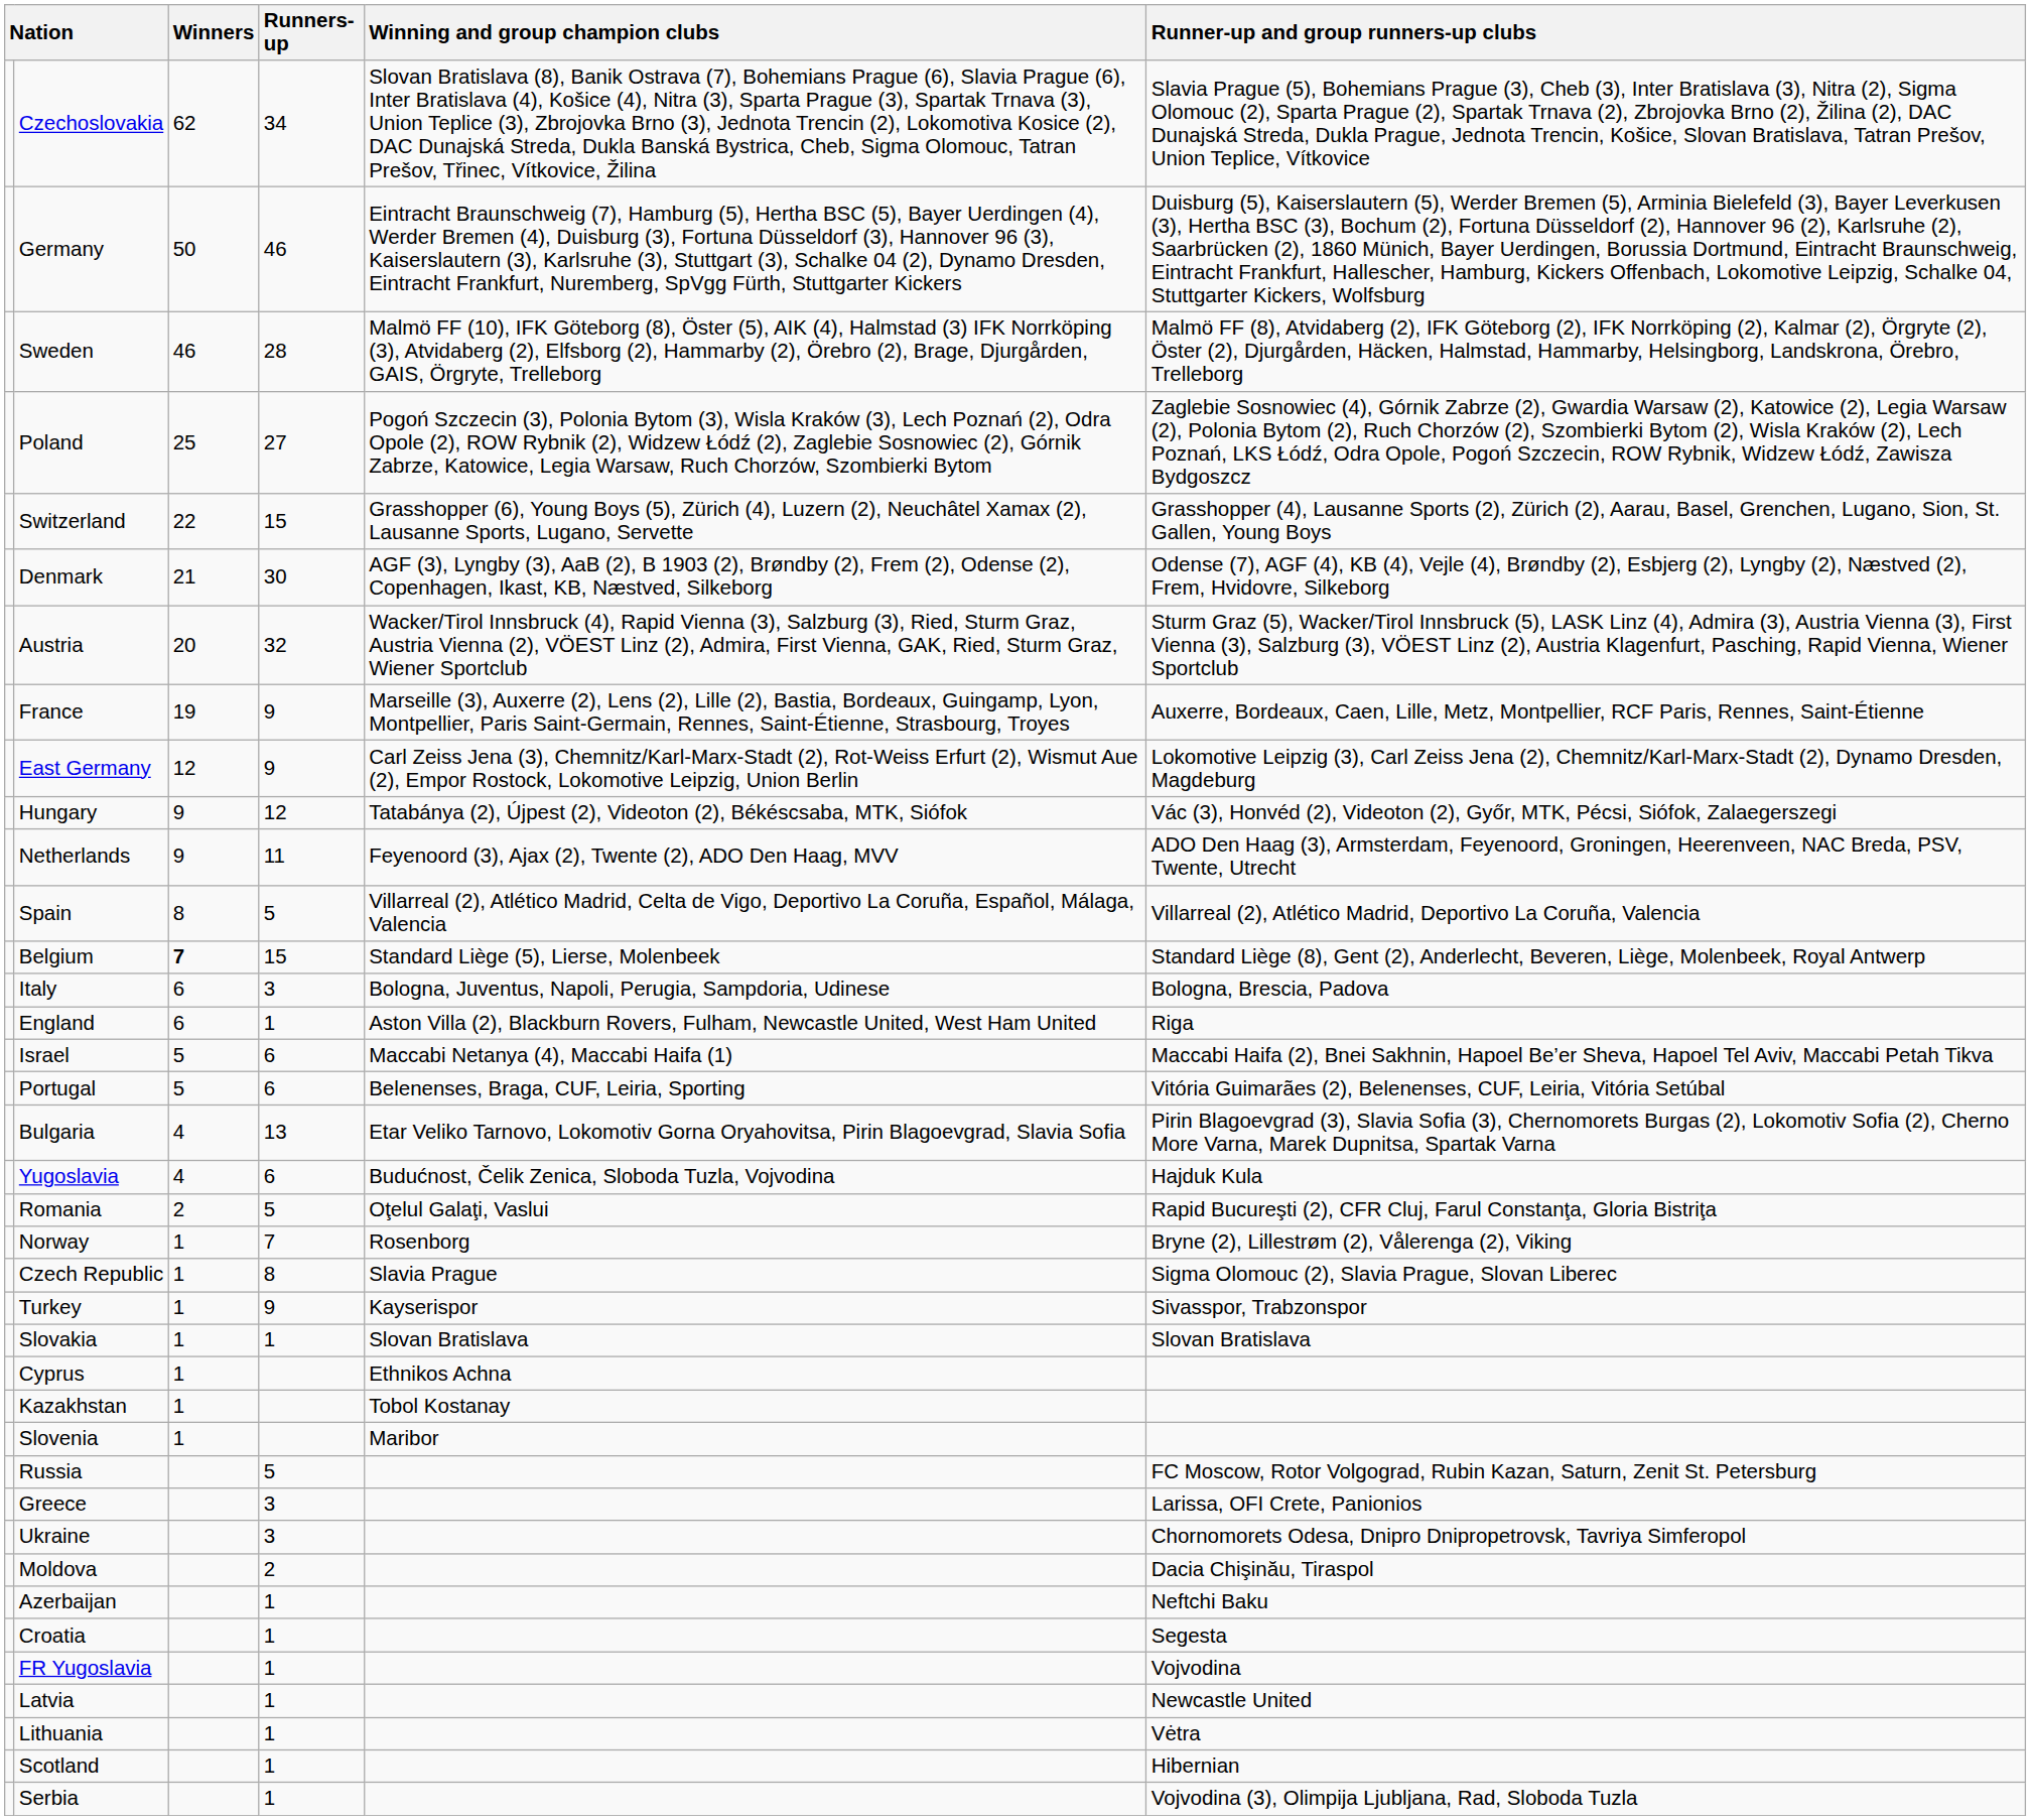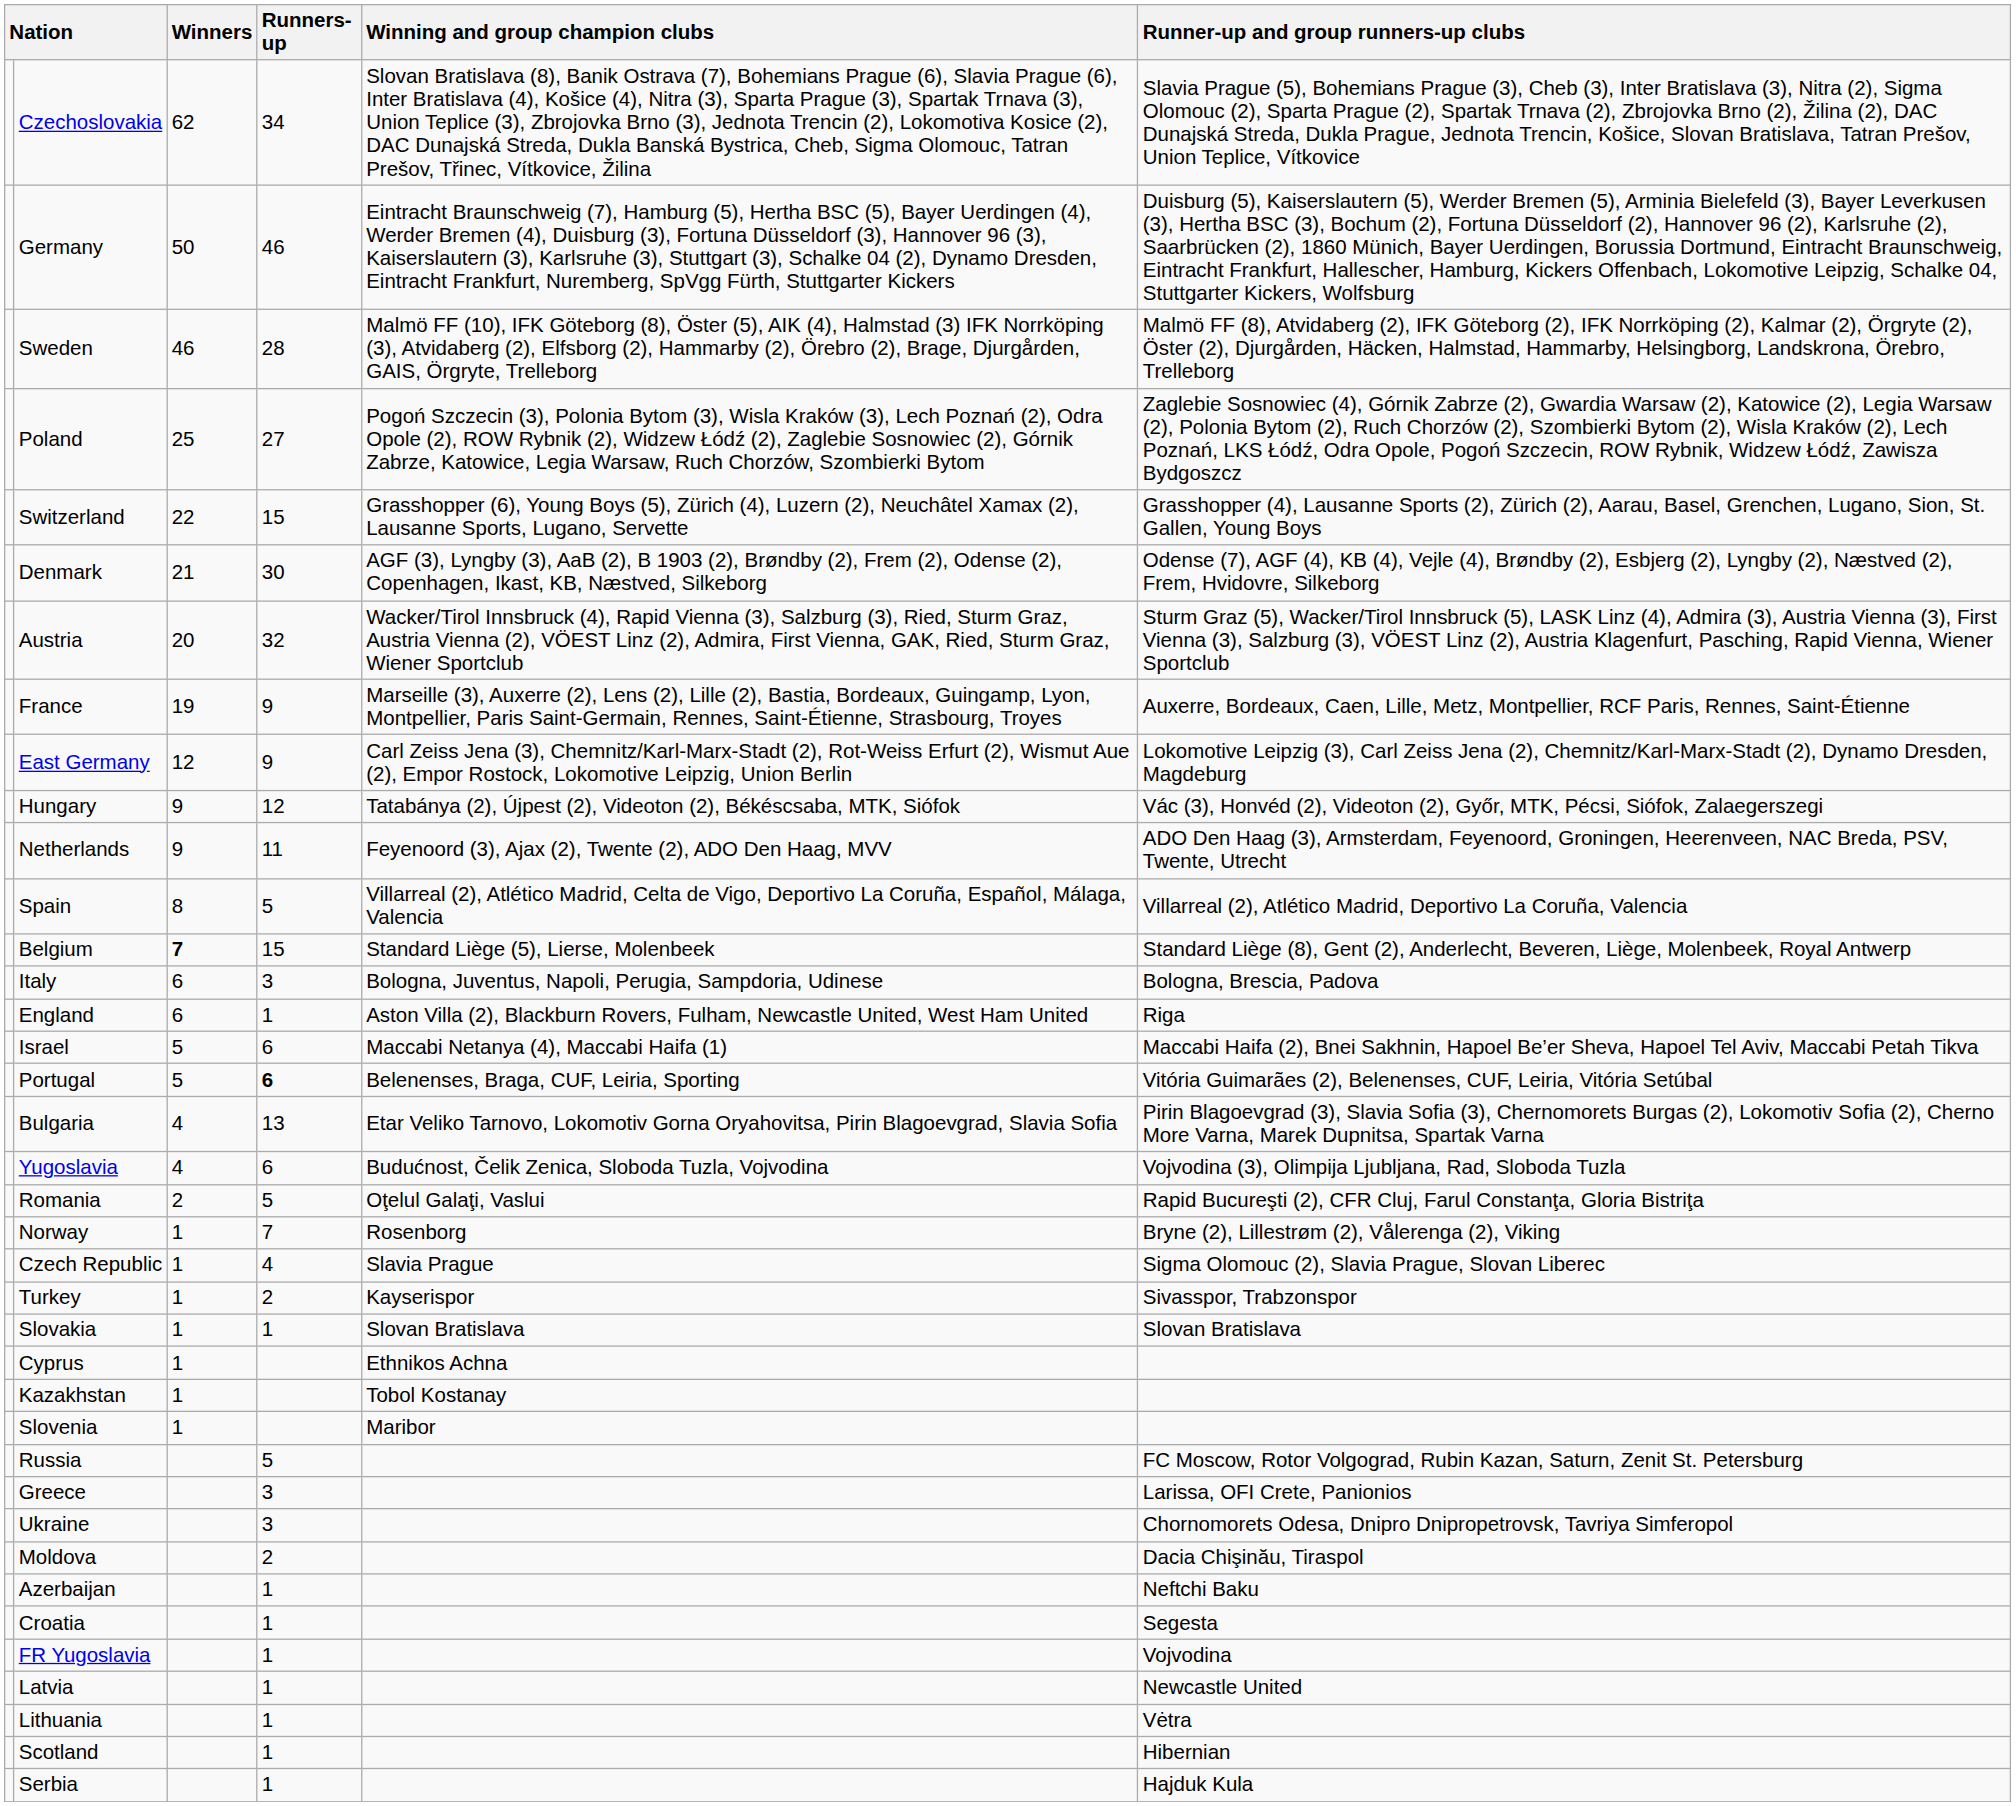 <table class="wikitable">
 <tr>
 <th style="text-align:left" Colspan=2>Nation</th>
 <th style="text-align:left">Winners</th>
 <th style="text-align:left">Runners-up</th>
 <th style="text-align:left">Winning and group champion clubs</th>
 <th style="text-align:left">Runner-up and group runners-up clubs</th>
 </tr>
 <tr style="vertical-align:center">
 <td></td>
 <td><a href='#'>Czechoslovakia</a></td>
 <td>62</td>
 <td>34</td>
 <td>Slovan Bratislava (8), Banik Ostrava (7), Bohemians Prague (6), Slavia Prague (6), Inter Bratislava (4), Košice (4), Nitra (3), Sparta Prague (3), Spartak Trnava (3), Union Teplice (3), Zbrojovka Brno (3), Jednota Trencin (2), Lokomotiva Kosice (2), DAC Dunajská Streda, Dukla Banská Bystrica, Cheb, Sigma Olomouc, Tatran Prešov, Třinec, Vítkovice, Žilina</td>
 <td>Slavia Prague (5), Bohemians Prague (3), Cheb (3), Inter Bratislava (3), Nitra (2), Sigma Olomouc (2), Sparta Prague (2), Spartak Trnava (2), Zbrojovka Brno (2), Žilina (2), DAC Dunajská Streda, Dukla Prague, Jednota Trencin, Košice, Slovan Bratislava, Tatran Prešov, Union Teplice, Vítkovice</td>
 </tr>
 <tr style="vertical-align:center">
 <td></td>
 <td>Germany</td>
 <td>50</td>
 <td>46</td>
 <td>Eintracht Braunschweig (7), Hamburg (5), Hertha BSC (5), Bayer Uerdingen (4), Werder Bremen (4), Duisburg (3), Fortuna Düsseldorf (3), Hannover 96 (3), Kaiserslautern (3), Karlsruhe (3), Stuttgart (3), Schalke 04 (2), Dynamo Dresden, Eintracht Frankfurt, Nuremberg, SpVgg Fürth, Stuttgarter Kickers</td>
 <td>Duisburg (5), Kaiserslautern (5), Werder Bremen (5), Arminia Bielefeld (3), Bayer Leverkusen (3), Hertha BSC (3), Bochum (2), Fortuna Düsseldorf (2), Hannover 96 (2), Karlsruhe (2), Saarbrücken (2), 1860 Münich, Bayer Uerdingen, Borussia Dortmund, Eintracht Braunschweig, Eintracht Frankfurt, Hallescher, Hamburg, Kickers Offenbach, Lokomotive Leipzig, Schalke 04, Stuttgarter Kickers, Wolfsburg</td>
 </tr>
 <tr style="vertical-align:top}">
 <td></td>
 <td>Sweden</td>
 <td>46</td>
 <td>28</td>
 <td>Malmö FF (10), IFK Göteborg (8), Öster (5), AIK (4), Halmstad (3) IFK Norrköping (3), Atvidaberg (2), Elfsborg (2), Hammarby (2), Örebro (2), Brage, Djurgården, GAIS, Örgryte, Trelleborg</td>
 <td>Malmö FF (8), Atvidaberg (2), IFK Göteborg (2), IFK Norrköping (2), Kalmar (2), Örgryte (2), Öster (2), Djurgården, Häcken, Halmstad, Hammarby, Helsingborg, Landskrona, Örebro, Trelleborg</td>
 </tr>
 <tr style="vertical-align:center">
 <td></td>
 <td>Poland</td>
 <td>25</td>
 <td>27</td>
 <td>Pogoń Szczecin (3), Polonia Bytom (3), Wisla Kraków (3), Lech Poznań (2), Odra Opole (2), ROW Rybnik (2), Widzew Łódź (2), Zaglebie Sosnowiec (2), Górnik Zabrze, Katowice, Legia Warsaw, Ruch Chorzów, Szombierki Bytom</td>
 <td>Zaglebie Sosnowiec (4), Górnik Zabrze (2), Gwardia Warsaw (2), Katowice (2), Legia Warsaw (2), Polonia Bytom (2), Ruch Chorzów (2), Szombierki Bytom (2), Wisla Kraków (2), Lech Poznań, LKS Łódź, Odra Opole, Pogoń Szczecin, ROW Rybnik, Widzew Łódź, Zawisza Bydgoszcz</td>
 </tr>
 <tr>
 <td></td>
 <td>Switzerland</td>
 <td>22</td>
 <td>15</td>
 <td>Grasshopper (6), Young Boys (5), Zürich (4), Luzern (2), Neuchâtel Xamax (2), Lausanne Sports, Lugano, Servette</td>
 <td>Grasshopper (4), Lausanne Sports (2), Zürich (2), Aarau, Basel, Grenchen, Lugano, Sion, St. Gallen, Young Boys</td>
 </tr>
 <tr>
 <td></td>
 <td>Denmark</td>
 <td>21</td>
 <td>30</td>
 <td>AGF (3), Lyngby (3), AaB (2), B 1903 (2), Brøndby (2), Frem (2), Odense (2), Copenhagen, Ikast, KB, Næstved, Silkeborg</td>
 <td>Odense (7), AGF (4), KB (4), Vejle (4), Brøndby (2), Esbjerg (2), Lyngby (2), Næstved (2), Frem, Hvidovre, Silkeborg</td>
 </tr>
 <tr>
 <td></td>
 <td>Austria</td>
 <td>20</td>
 <td>32</td>
 <td>Wacker/Tirol Innsbruck (4), Rapid Vienna (3), Salzburg (3), Ried, Sturm Graz, Austria Vienna (2), VÖEST Linz (2), Admira, First Vienna, GAK, Ried, Sturm Graz, Wiener Sportclub</td>
 <td>Sturm Graz (5), Wacker/Tirol Innsbruck (5), LASK Linz (4), Admira (3), Austria Vienna (3), First Vienna (3), Salzburg (3), VÖEST Linz (2), Austria Klagenfurt, Pasching, Rapid Vienna, Wiener Sportclub</td>
 </tr>
 <tr>
 <td></td>
 <td>France</td>
 <td>19</td>
 <td>9</td>
 <td>Marseille (3), Auxerre (2), Lens (2), Lille (2), Bastia, Bordeaux, Guingamp, Lyon, Montpellier, Paris Saint-Germain, Rennes, Saint-Étienne, Strasbourg, Troyes</td>
 <td>Auxerre, Bordeaux, Caen, Lille, Metz, Montpellier, RCF Paris, Rennes, Saint-Étienne</td>
 </tr>
 <tr>
 <td></td>
 <td><a href='#'>East Germany</a></td>
 <td>12</td>
 <td>9</td>
 <td>Carl Zeiss Jena (3), Chemnitz/Karl-Marx-Stadt (2), Rot-Weiss Erfurt (2), Wismut Aue (2), Empor Rostock, Lokomotive Leipzig, Union Berlin</td>
 <td>Lokomotive Leipzig (3), Carl Zeiss Jena (2), Chemnitz/Karl-Marx-Stadt (2), Dynamo Dresden, Magdeburg</td>
 </tr>
 <tr>
 <td></td>
 <td>Hungary</td>
 <td>9</td>
 <td>12</td>
 <td>Tatabánya (2), Újpest (2), Videoton (2), Békéscsaba, MTK, Siófok</td>
 <td>Vác (3), Honvéd (2), Videoton (2), Győr, MTK, Pécsi, Siófok, Zalaegerszegi</td>
 </tr>
 <tr>
 <td></td>
 <td>Netherlands</td>
 <td>9</td>
 <td>11</td>
 <td>Feyenoord (3), Ajax (2), Twente (2), ADO Den Haag, MVV</td>
 <td>ADO Den Haag (3), Armsterdam, Feyenoord, Groningen, Heerenveen, NAC Breda, PSV, Twente, Utrecht</td>
 </tr>
 <tr>
 <td></td>
 <td>Spain</td>
 <td>8</td>
 <td>5</td>
 <td>Villarreal (2), Atlético Madrid, Celta de Vigo, Deportivo La Coruña, Español, Málaga, Valencia</td>
 <td>Villarreal (2), Atlético Madrid, Deportivo La Coruña, Valencia</td>
 </tr>
 <tr>
 <td></td>
 <td>Belgium</td>
 <td><strong>7</strong></td>
 <td>15</td>
 <td>Standard Liège (5), Lierse, Molenbeek</td>
 <td>Standard Liège (8), Gent (2), Anderlecht, Beveren, Liège, Molenbeek, Royal Antwerp</td>
 </tr>
 <tr>
 <td></td>
 <td>Italy</td>
 <td>6</td>
 <td>3</td>
 <td>Bologna, Juventus, Napoli, Perugia, Sampdoria, Udinese</td>
 <td>Bologna, Brescia, Padova</td>
 </tr>
 <tr>
 <td></td>
 <td>England</td>
 <td>6</td>
 <td>1</td>
 <td>Aston Villa (2), Blackburn Rovers, Fulham, Newcastle United, West Ham United</td>
 <td>Riga</td>
 </tr>
 <tr>
 <td></td>
 <td>Israel</td>
 <td>5</td>
 <td>6</td>
 <td>Maccabi Netanya (4), Maccabi Haifa (1)</td>
 <td>Maccabi Haifa (2), Bnei Sakhnin, Hapoel Be’er Sheva, Hapoel Tel Aviv, Maccabi Petah Tikva</td>
 </tr>
 <tr>
 <td></td>
 <td>Portugal</td>
 <td>5</td>
-<td>6</td>
+<td><strong>6</strong></td>
 <td>Belenenses, Braga, CUF, Leiria, Sporting</td>
 <td>Vitória Guimarães (2), Belenenses, CUF, Leiria, Vitória Setúbal</td>
 </tr>
 <tr>
 <td></td>
 <td>Bulgaria</td>
 <td>4</td>
 <td>13</td>
 <td>Etar Veliko Tarnovo, Lokomotiv Gorna Oryahovitsa, Pirin Blagoevgrad, Slavia Sofia</td>
 <td>Pirin Blagoevgrad (3), Slavia Sofia (3), Chernomorets Burgas (2), Lokomotiv Sofia (2), Cherno More Varna, Marek Dupnitsa, Spartak Varna</td>
 </tr>
 <tr>
 <td></td>
 <td><a href='#'>Yugoslavia</a></td>
 <td>4</td>
 <td>6</td>
 <td>Budućnost, Čelik Zenica, Sloboda Tuzla, Vojvodina</td>
-<td>Hajduk Kula</td>
+<td>Vojvodina (3), Olimpija Ljubljana, Rad, Sloboda Tuzla</td>
 </tr>
 <tr>
 <td></td>
 <td>Romania</td>
 <td>2</td>
 <td>5</td>
 <td>Oţelul Galaţi, Vaslui</td>
 <td>Rapid Bucureşti (2), CFR Cluj, Farul Constanţa, Gloria Bistriţa</td>
 </tr>
 <tr>
 <td></td>
 <td>Norway</td>
 <td>1</td>
 <td>7</td>
 <td>Rosenborg</td>
 <td>Bryne (2), Lillestrøm (2), Vålerenga (2), Viking</td>
 </tr>
 <tr>
 <td></td>
 <td>Czech Republic</td>
 <td>1</td>
-<td>8</td>
+<td>4</td>
 <td>Slavia Prague</td>
 <td>Sigma Olomouc (2), Slavia Prague, Slovan Liberec</td>
 </tr>
 <tr>
 <td></td>
 <td>Turkey</td>
 <td>1</td>
-<td>9</td>
+<td>2</td>
 <td>Kayserispor</td>
 <td>Sivasspor, Trabzonspor</td>
 </tr>
 <tr>
 <td></td>
 <td>Slovakia</td>
 <td>1</td>
 <td>1</td>
 <td>Slovan Bratislava</td>
 <td>Slovan Bratislava</td>
 </tr>
 <tr>
 <td></td>
 <td>Cyprus</td>
 <td>1</td>
 <td></td>
 <td>Ethnikos Achna</td>
 <td></td>
 </tr>
 <tr>
 <td></td>
 <td>Kazakhstan</td>
 <td>1</td>
 <td></td>
 <td>Tobol Kostanay</td>
 <td></td>
 </tr>
 <tr>
 <td></td>
 <td>Slovenia</td>
 <td>1</td>
 <td></td>
 <td>Maribor</td>
 <td></td>
 </tr>
 <tr>
 <td></td>
 <td>Russia</td>
 <td></td>
 <td>5</td>
 <td></td>
 <td>FC Moscow, Rotor Volgograd, Rubin Kazan, Saturn, Zenit St. Petersburg</td>
 </tr>
 <tr>
 <td></td>
 <td>Greece</td>
 <td></td>
 <td>3</td>
 <td></td>
 <td>Larissa, OFI Crete, Panionios</td>
 </tr>
 <tr>
 <td></td>
 <td>Ukraine</td>
 <td></td>
 <td>3</td>
 <td></td>
 <td>Chornomorets Odesa, Dnipro Dnipropetrovsk, Tavriya Simferopol</td>
 </tr>
 <tr>
 <td></td>
 <td>Moldova</td>
 <td></td>
 <td>2</td>
 <td></td>
 <td>Dacia Chişinău, Tiraspol</td>
 </tr>
 <tr>
 <td></td>
 <td>Azerbaijan</td>
 <td></td>
 <td>1</td>
 <td></td>
 <td>Neftchi Baku</td>
 </tr>
 <tr>
 <td></td>
 <td>Croatia</td>
 <td></td>
 <td>1</td>
 <td></td>
 <td>Segesta</td>
 </tr>
 <tr>
 <td></td>
 <td><a href='#'>FR Yugoslavia</a></td>
 <td></td>
 <td>1</td>
 <td></td>
 <td>Vojvodina</td>
 </tr>
 <tr>
 <td></td>
 <td>Latvia</td>
 <td></td>
 <td>1</td>
 <td></td>
 <td>Newcastle United</td>
 </tr>
 <tr>
 <td></td>
 <td>Lithuania</td>
 <td></td>
 <td>1</td>
 <td></td>
 <td>Vėtra</td>
 </tr>
 <tr>
 <td></td>
 <td>Scotland</td>
 <td></td>
 <td>1</td>
 <td></td>
 <td>Hibernian</td>
 </tr>
 <tr>
 <td></td>
 <td>Serbia</td>
 <td></td>
 <td>1</td>
 <td></td>
-<td>Vojvodina (3), Olimpija Ljubljana, Rad, Sloboda Tuzla</td>
+<td>Hajduk Kula</td>
 </tr>
 </table>
